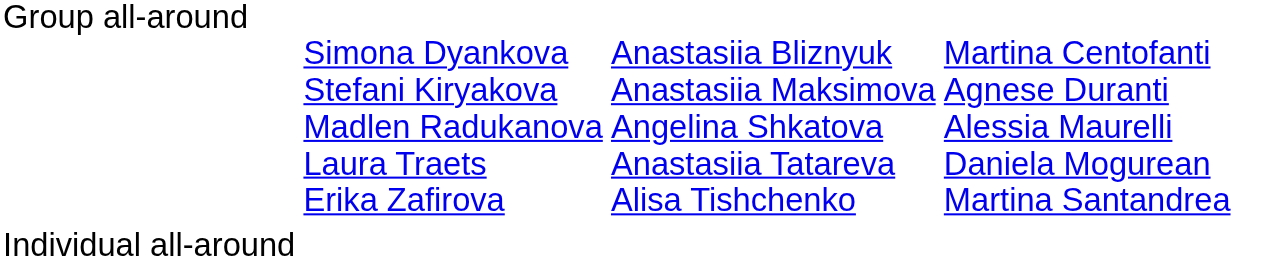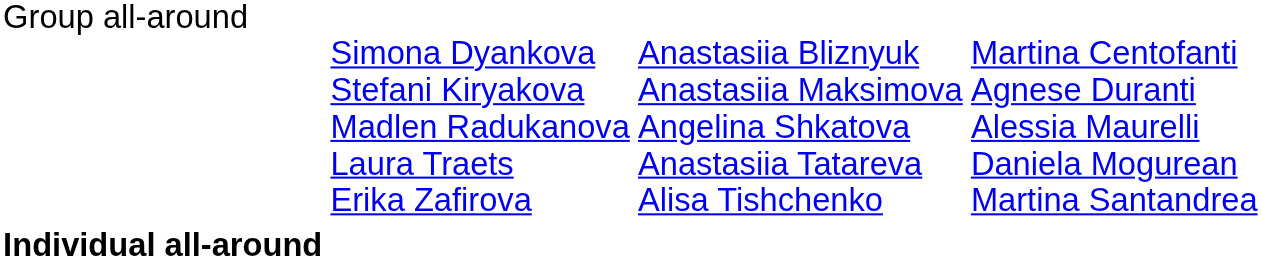 <table>
 <tr valign="top">
 <td>Group  all-around<br></td>
 <td><br><a href='#'>Simona Dyankova</a><br><a href='#'>Stefani Kiryakova</a><br><a href='#'>Madlen Radukanova</a><br><a href='#'>Laura Traets</a><br><a href='#'>Erika Zafirova</a></td>
 <td><br><a href='#'>Anastasiia Bliznyuk</a><br><a href='#'>Anastasiia Maksimova</a><br><a href='#'>Angelina Shkatova</a><br><a href='#'>Anastasiia Tatareva</a><br><a href='#'>Alisa Tishchenko</a></td>
 <td><br><a href='#'>Martina Centofanti</a><br><a href='#'>Agnese Duranti</a><br><a href='#'>Alessia Maurelli</a><br><a href='#'>Daniela Mogurean</a><br><a href='#'>Martina Santandrea</a></td>
 </tr>
 <tr>
-<td>Individual all-around<br></td>
+<td><strong>Individual all-around<br></strong></td>
 <td></td>
 <td></td>
 <td></td>
 </tr>
 <tr>
 </tr>
 </table>
